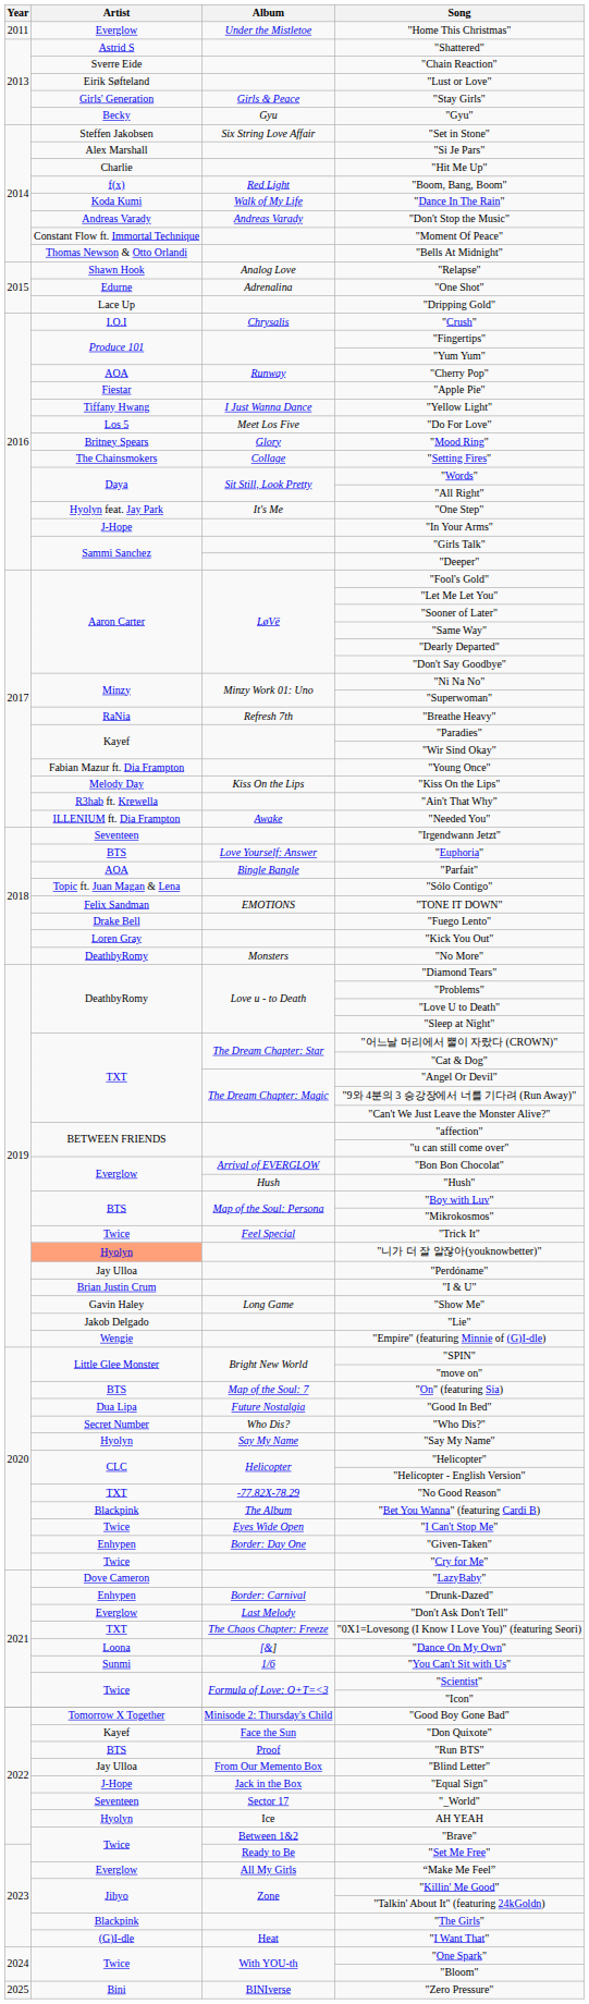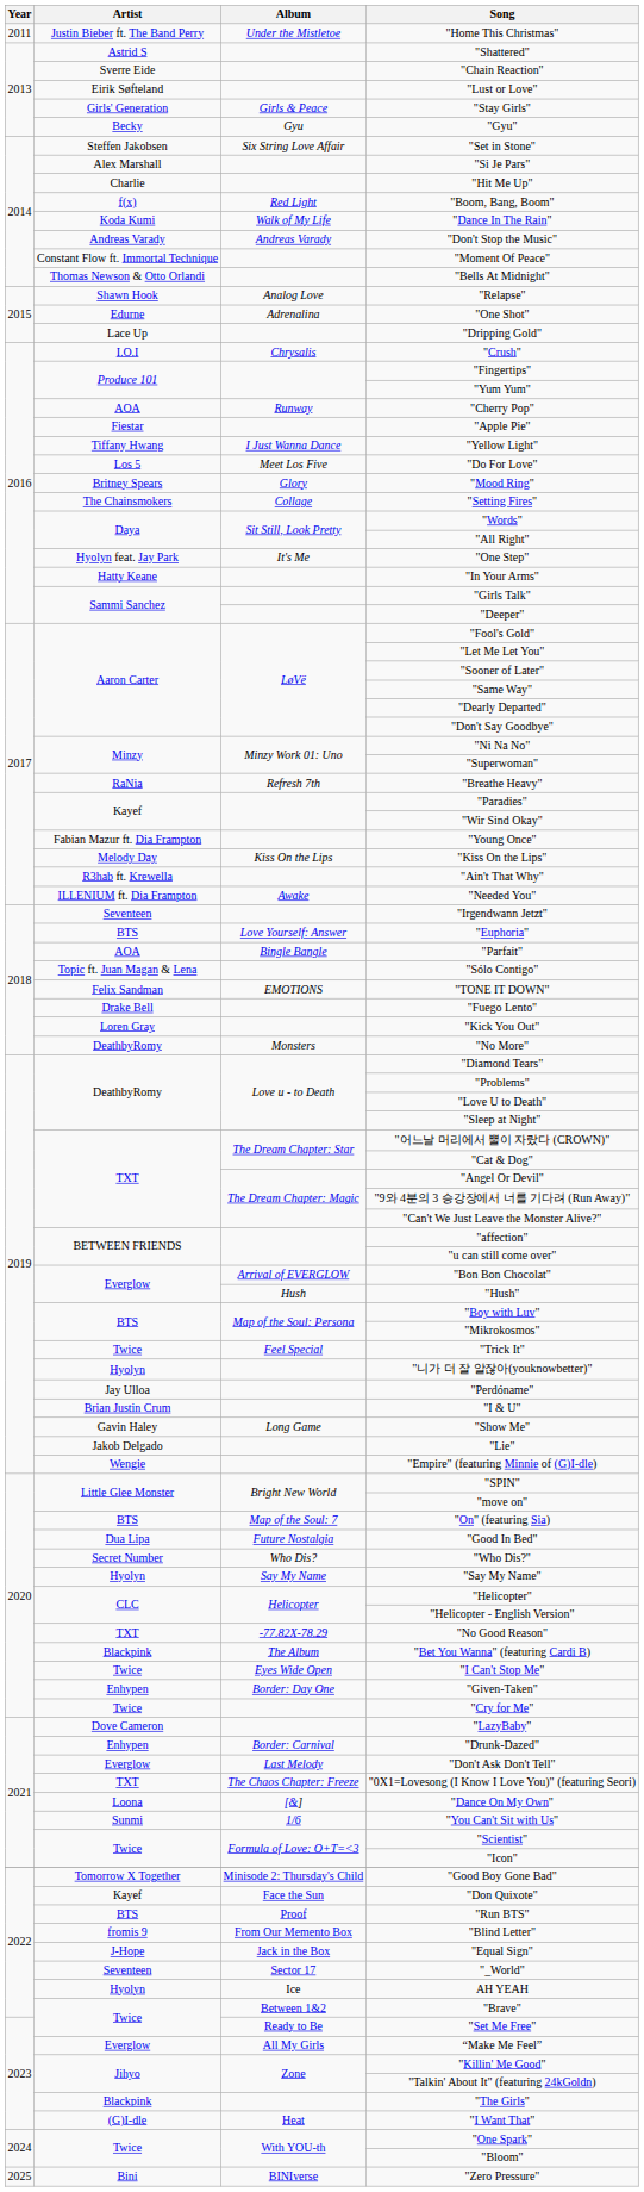 <table class="wikitable plainrowheaders" style="text-align:center;">
 <tr>
 <th>Year</th>
 <th>Artist</th>
 <th>Album</th>
 <th>Song</th>
 </tr>
 <tr>
 <td>2011</td>
-<td><a href='#'>Everglow</a></td>
+<td><a href='#'>Justin Bieber</a> ft. <a href='#'>The Band Perry</a></td>
 <td><em><a href='#'>Under the Mistletoe</a></em></td>
 <td>"Home This Christmas"</td>
 </tr>
 <tr>
 <td rowspan="5">2013</td>
 <td><a href='#'>Astrid S</a></td>
 <td></td>
 <td>"Shattered"</td>
 </tr>
 <tr>
 <td>Sverre Eide</td>
 <td></td>
 <td>"Chain Reaction"</td>
 </tr>
 <tr>
 <td>Eirik Søfteland</td>
 <td></td>
 <td>"Lust or Love"</td>
 </tr>
 <tr>
 <td><a href='#'>Girls' Generation</a></td>
 <td><em><a href='#'>Girls & Peace</a></em></td>
 <td>"Stay Girls"</td>
 </tr>
 <tr>
 <td><a href='#'>Becky</a></td>
 <td><em>Gyu</em></td>
 <td>"Gyu"</td>
 </tr>
 <tr>
 <td rowspan="8">2014</td>
 <td>Steffen Jakobsen</td>
 <td><em>Six String Love Affair</em></td>
 <td>"Set in Stone"</td>
 </tr>
 <tr>
 <td>Alex Marshall</td>
 <td></td>
 <td>"Si Je Pars"</td>
 </tr>
 <tr>
 <td>Charlie</td>
 <td></td>
 <td>"Hit Me Up"</td>
 </tr>
 <tr>
 <td rowspan="1"><a href='#'>f(x)</a></td>
 <td rowspan="1"><em><a href='#'>Red Light</a></em></td>
 <td rowspan="1">"Boom, Bang, Boom"</td>
 </tr>
 <tr>
 <td rowspan="1"><a href='#'>Koda Kumi</a></td>
 <td rowspan="1"><em><a href='#'>Walk of My Life</a></em></td>
 <td rowspan="1">"<a href='#'>Dance In The Rain</a>"</td>
 </tr>
 <tr>
 <td rowspan="1"><a href='#'>Andreas Varady</a></td>
 <td rowspan="1"><em><a href='#'>Andreas Varady</a></em></td>
 <td rowspan="1">"Don't Stop the Music"</td>
 </tr>
 <tr>
 <td rowspan="1">Constant Flow ft. <a href='#'>Immortal Technique</a></td>
 <td></td>
 <td rowspan="1">"Moment Of Peace"</td>
 </tr>
 <tr>
 <td rowspan="1"><a href='#'>Thomas Newson</a> & <a href='#'>Otto Orlandi</a></td>
 <td></td>
 <td rowspan="1">"Bells At Midnight"</td>
 </tr>
 <tr>
 <td rowspan="3">2015</td>
 <td rowspan="1"><a href='#'>Shawn Hook</a></td>
 <td rowspan="1"><em>Analog Love</em></td>
 <td rowspan="1">"Relapse"</td>
 </tr>
 <tr>
 <td rowspan="1"><a href='#'>Edurne</a></td>
 <td rowspan="1"><em>Adrenalina</em></td>
 <td rowspan="1">"One Shot"</td>
 </tr>
 <tr>
 <td rowspan="1">Lace Up</td>
 <td></td>
 <td rowspan="1">"Dripping Gold"</td>
 </tr>
 <tr>
 <td rowspan="15">2016</td>
 <td rowspan="1"><a href='#'>I.O.I</a></td>
 <td rowspan="1"><em><a href='#'>Chrysalis</a></em></td>
 <td rowspan="1">"<a href='#'>Crush</a>"</td>
 </tr>
 <tr>
 <td rowspan="2"><em><a href='#'>Produce 101</a></em></td>
 <td rowspan="2"></td>
 <td rowspan="1">"Fingertips"</td>
 </tr>
 <tr>
 <td rowspan="1">"Yum Yum"</td>
 </tr>
 <tr>
 <td rowspan="1"><a href='#'>AOA</a></td>
 <td rowspan="1"><em><a href='#'>Runway</a></em></td>
 <td rowspan="1">"Cherry Pop"</td>
 </tr>
 <tr>
 <td rowspan="1"><a href='#'>Fiestar</a></td>
 <td></td>
 <td rowspan="1">"Apple Pie"</td>
 </tr>
 <tr>
 <td rowspan="1"><a href='#'>Tiffany Hwang</a></td>
 <td rowspan="1"><em><a href='#'>I Just Wanna Dance</a></em></td>
 <td rowspan="1">"Yellow Light"</td>
 </tr>
 <tr>
 <td rowspan="1"><a href='#'>Los 5</a></td>
 <td rowspan="1"><em>Meet Los Five</em></td>
 <td rowspan="1">"Do For Love"</td>
 </tr>
 <tr>
 <td rowspan="1"><a href='#'>Britney Spears</a></td>
 <td rowspan="1"><em><a href='#'>Glory</a></em></td>
 <td rowspan="1">"<a href='#'>Mood Ring</a>"</td>
 </tr>
 <tr>
 <td rowspan="1"><a href='#'>The Chainsmokers</a></td>
 <td rowspan="1"><em><a href='#'>Collage</a></em></td>
 <td rowspan="1">"<a href='#'>Setting Fires</a>"</td>
 </tr>
 <tr>
 <td rowspan="2"><a href='#'>Daya</a></td>
 <td rowspan="2"><em><a href='#'>Sit Still, Look Pretty</a></em></td>
 <td rowspan="1">"<a href='#'>Words</a>"</td>
 </tr>
 <tr>
 <td rowspan="1">"All Right"</td>
 </tr>
 <tr>
 <td rowspan="1"><a href='#'>Hyolyn</a> feat. <a href='#'>Jay Park</a></td>
 <td rowspan="1"><em>It's Me</em></td>
 <td rowspan="1">"One Step"</td>
 </tr>
 <tr>
-<td><a href='#'>J-Hope</a></td>
+<td rowspan="1"><a href='#'>Hatty Keane</a></td>
 <td></td>
 <td rowspan="1">"In Your Arms"</td>
 </tr>
 <tr>
 <td rowspan="2"><a href='#'>Sammi Sanchez</a></td>
 <td></td>
 <td rowspan="1">"Girls Talk"</td>
 </tr>
 <tr>
 <td></td>
 <td>"Deeper"</td>
 </tr>
 <tr>
 <td rowspan="15">2017</td>
 <td rowspan="6"><a href='#'>Aaron Carter</a></td>
 <td rowspan="6"><em><a href='#'>LøVë</a></em></td>
 <td rowspan="1">"Fool's Gold"</td>
 </tr>
 <tr>
 <td rowspan="1">"Let Me Let You"</td>
 </tr>
 <tr>
 <td rowspan="1">"Sooner of Later"</td>
 </tr>
 <tr>
 <td rowspan="1">"Same Way"</td>
 </tr>
 <tr>
 <td rowspan="1">"Dearly Departed"</td>
 </tr>
 <tr>
 <td rowspan="1">"Don't Say Goodbye"</td>
 </tr>
 <tr>
 <td rowspan="2"><a href='#'>Minzy</a></td>
 <td rowspan="2"><em>Minzy Work 01: Uno</em></td>
 <td rowspan="1">"Ni Na No"</td>
 </tr>
 <tr>
 <td rowspan="1">"Superwoman"</td>
 </tr>
 <tr>
 <td rowspan="1"><a href='#'>RaNia</a></td>
 <td rowspan="1"><em>Refresh 7th</em></td>
 <td rowspan="1">"Breathe Heavy"</td>
 </tr>
 <tr>
 <td rowspan="2">Kayef</td>
 <td rowspan="2"></td>
 <td rowspan="1">"Paradies"</td>
 </tr>
 <tr>
 <td rowspan="1">"Wir Sind Okay"</td>
 </tr>
 <tr>
 <td rowspan="1">Fabian Mazur ft. <a href='#'>Dia Frampton</a></td>
 <td rowspan="1"></td>
 <td rowspan="1">"Young Once"</td>
 </tr>
 <tr>
 <td rowspan="1"><a href='#'>Melody Day</a></td>
 <td rowspan="1"><em>Kiss On the Lips</em></td>
 <td rowspan="1">"Kiss On the Lips"</td>
 </tr>
 <tr>
 <td rowspan="1"><a href='#'>R3hab</a> ft. <a href='#'>Krewella</a></td>
 <td></td>
 <td rowspan="1">"Ain't That Why"</td>
 </tr>
 <tr>
 <td><a href='#'>ILLENIUM</a> ft. <a href='#'>Dia Frampton</a></td>
 <td><em><a href='#'>Awake</a></em></td>
 <td>"Needed You"</td>
 </tr>
 <tr>
 <td rowspan="8">2018</td>
 <td><a href='#'>Seventeen</a></td>
 <td rowspan="1"></td>
 <td rowspan="1">"Irgendwann Jetzt"</td>
 </tr>
 <tr>
 <td rowspan="1"><a href='#'>BTS</a></td>
 <td rowspan="1"><em><a href='#'>Love Yourself: Answer</a></em></td>
 <td rowspan="1">"<a href='#'>Euphoria</a>"</td>
 </tr>
 <tr>
 <td rowspan="1"><a href='#'>AOA</a></td>
 <td rowspan="1"><em><a href='#'>Bingle Bangle</a></em></td>
 <td rowspan="1">"Parfait"</td>
 </tr>
 <tr>
 <td rowspan="1"><a href='#'>Topic</a> ft. <a href='#'>Juan Magan</a> & <a href='#'>Lena</a></td>
 <td></td>
 <td rowspan="1">"Sólo Contigo"</td>
 </tr>
 <tr>
 <td><a href='#'>Felix Sandman</a></td>
 <td><em>EMOTIONS</em></td>
 <td>"TONE IT DOWN"</td>
 </tr>
 <tr>
 <td rowspan="1"><a href='#'>Drake Bell</a></td>
 <td rowspan="1"></td>
 <td rowspan="1">"Fuego Lento"</td>
 </tr>
 <tr>
 <td rowspan="1"><a href='#'>Loren Gray</a></td>
 <td rowspan="1"></td>
 <td rowspan="1">"Kick You Out"</td>
 </tr>
 <tr>
 <td><a href='#'>DeathbyRomy</a></td>
 <td><em>Monsters</em></td>
 <td>"No More"</td>
 </tr>
 <tr>
 <td rowspan="22">2019</td>
 <td rowspan="4">DeathbyRomy</td>
 <td rowspan="4"><em>Love u - to Death</em></td>
 <td>"Diamond Tears"</td>
 </tr>
 <tr>
 <td>"Problems"</td>
 </tr>
 <tr>
 <td>"Love U to Death"</td>
 </tr>
 <tr>
 <td>"Sleep at Night"</td>
 </tr>
 <tr>
 <td rowspan="5"><a href='#'>TXT</a></td>
 <td rowspan="2"><em><a href='#'>The Dream Chapter: Star</a></em></td>
 <td>"어느날 머리에서 뿔이 자랐다 (CROWN)"</td>
 </tr>
 <tr>
 <td>"Cat & Dog"</td>
 </tr>
 <tr>
 <td rowspan="3"><em><a href='#'>The Dream Chapter: Magic</a></em></td>
 <td>"Angel Or Devil"</td>
 </tr>
 <tr>
 <td>"9와 4분의 3 승강장에서 너를 기다려 (Run Away)"</td>
 </tr>
 <tr>
 <td>"Can't We Just Leave the Monster Alive?"</td>
 </tr>
 <tr>
 <td rowspan="2">BETWEEN FRIENDS</td>
 <td rowspan="2"></td>
 <td>"affection"</td>
 </tr>
 <tr>
 <td>"u can still come over"</td>
 </tr>
 <tr>
 <td rowspan="2"><a href='#'>Everglow</a></td>
 <td><em><a href='#'>Arrival of EVERGLOW</a></em></td>
 <td>"Bon Bon Chocolat"</td>
 </tr>
 <tr>
 <td><em>Hush</em></td>
 <td>"Hush"</td>
 </tr>
 <tr>
 <td rowspan="2"><a href='#'>BTS</a></td>
 <td rowspan="2"><em><a href='#'>Map of the Soul: Persona</a></em></td>
 <td>"<a href='#'>Boy with Luv</a>"</td>
 </tr>
 <tr>
 <td>"Mikrokosmos"</td>
 </tr>
 <tr>
 <td><a href='#'>Twice</a></td>
 <td><em><a href='#'>Feel Special</a></em></td>
 <td>"Trick It"</td>
 </tr>
 <tr>
-<td style="background: lightsalmon;"><a href='#'>Hyolyn</a></td>
+<td><a href='#'>Hyolyn</a></td>
 <td></td>
 <td>"니가 더 잘 알잖아(youknowbetter)"</td>
 </tr>
 <tr>
 <td>Jay Ulloa</td>
 <td></td>
 <td>"Perdóname"</td>
 </tr>
 <tr>
 <td><a href='#'>Brian Justin Crum</a></td>
 <td></td>
 <td>"I & U"</td>
 </tr>
 <tr>
 <td>Gavin Haley</td>
 <td><em>Long Game</em></td>
 <td>"Show Me"</td>
 </tr>
 <tr>
 <td>Jakob Delgado</td>
 <td></td>
 <td>"Lie"</td>
 </tr>
 <tr>
 <td><a href='#'>Wengie</a></td>
 <td></td>
 <td>"Empire" (featuring <a href='#'>Minnie</a> of <a href='#'>(G)I-dle</a>)</td>
 </tr>
 <tr>
 <td rowspan="13">2020</td>
 <td rowspan="2"><a href='#'>Little Glee Monster</a></td>
 <td rowspan="2"><em>Bright New World</em></td>
 <td>"SPIN"</td>
 </tr>
 <tr>
 <td>"move on"</td>
 </tr>
 <tr>
 <td><a href='#'>BTS</a></td>
 <td><em><a href='#'>Map of the Soul: 7</a></em></td>
 <td>"<a href='#'>On</a>" (featuring <a href='#'>Sia</a>)</td>
 </tr>
 <tr>
 <td><a href='#'>Dua Lipa</a></td>
 <td><em><a href='#'>Future Nostalgia</a></em></td>
 <td>"Good In Bed"</td>
 </tr>
 <tr>
 <td><a href='#'>Secret Number</a></td>
 <td><em>Who Dis?</em></td>
 <td>"Who Dis?"</td>
 </tr>
 <tr>
 <td><a href='#'>Hyolyn</a></td>
 <td><em><a href='#'>Say My Name</a></em></td>
 <td>"Say My Name"</td>
 </tr>
 <tr>
 <td rowspan="2"><a href='#'>CLC</a></td>
 <td rowspan="2"><em><a href='#'>Helicopter</a></em></td>
 <td>"Helicopter"</td>
 </tr>
 <tr>
 <td>"Helicopter - English Version"</td>
 </tr>
 <tr>
 <td><a href='#'>TXT</a></td>
 <td><em><a href='#'>-77.82X-78.29</a></em></td>
 <td>"No Good Reason"</td>
 </tr>
 <tr>
 <td><a href='#'>Blackpink</a></td>
 <td><em><a href='#'>The Album</a></em></td>
 <td>"<a href='#'>Bet You Wanna</a>" (featuring <a href='#'>Cardi B</a>)</td>
 </tr>
 <tr>
 <td><a href='#'>Twice</a></td>
 <td><em><a href='#'>Eyes Wide Open</a></em></td>
 <td>"<a href='#'>I Can't Stop Me</a>"</td>
 </tr>
 <tr>
 <td><a href='#'>Enhypen</a></td>
 <td><em><a href='#'>Border: Day One</a></em></td>
 <td>"Given-Taken"</td>
 </tr>
 <tr>
 <td><a href='#'>Twice</a></td>
 <td></td>
 <td>"<a href='#'>Cry for Me</a>"</td>
 </tr>
 <tr>
 <td rowspan="8">2021</td>
 <td><a href='#'>Dove Cameron</a></td>
 <td></td>
 <td>"<a href='#'>LazyBaby</a>"</td>
 </tr>
 <tr>
 <td><a href='#'>Enhypen</a></td>
 <td><em><a href='#'>Border: Carnival</a></em></td>
 <td>"Drunk-Dazed"</td>
 </tr>
 <tr>
 <td><a href='#'>Everglow</a></td>
 <td><em><a href='#'>Last Melody</a></em></td>
 <td>"Don't Ask Don't Tell"</td>
 </tr>
 <tr>
 <td><a href='#'>TXT</a></td>
 <td><em><a href='#'>The Chaos Chapter: Freeze</a></em></td>
 <td>"0X1=Lovesong (I Know I Love You)" (featuring Seori)</td>
 </tr>
 <tr>
 <td><a href='#'>Loona</a></td>
 <td><em><a href='#'>[&</a>]</em></td>
 <td>"<a href='#'>Dance On My Own</a>"</td>
 </tr>
 <tr>
 <td><a href='#'>Sunmi</a></td>
 <td><em><a href='#'>1/6</a></em></td>
 <td>"<a href='#'>You Can't Sit with Us</a>"</td>
 </tr>
 <tr>
 <td rowspan="2"><a href='#'>Twice</a></td>
 <td rowspan="2"><em><a href='#'>Formula of Love: O+T=<3</a></em></td>
 <td>"<a href='#'>Scientist</a>"</td>
 </tr>
 <tr>
 <td>"Icon"</td>
 </tr>
 <tr>
 </tr>
 <tr>
 <td rowspan="8">2022</td>
 <td><a href='#'>Tomorrow X Together</a></td>
 <td><a href='#'>Minisode 2: Thursday's Child</a></td>
 <td>"Good Boy Gone Bad"</td>
 </tr>
 <tr>
 <td rowspan="1">Kayef</td>
 <td><a href='#'>Face the Sun</a><em></td>
 <td>"Don Quixote"</td>
 </tr>
 <tr>
 <td><a href='#'>BTS</a></td>
 <td></em><a href='#'>Proof</a><em></td>
 <td>"Run BTS"</td>
 </tr>
 <tr>
-<td>Jay Ulloa</td>
+<td><a href='#'>fromis 9</a></td>
 <td></em><a href='#'>From Our Memento Box</a><em></td>
 <td>"Blind Letter"</td>
 </tr>
 <tr>
 <td><a href='#'>J-Hope</a></td>
 <td></em><a href='#'>Jack in the Box</a><em></td>
 <td>"Equal Sign"</td>
 </tr>
 <tr>
 <td><a href='#'>Seventeen</a></td>
 <td></em><a href='#'>Sector 17</a><em></td>
 <td>"_World"</td>
 </tr>
 <tr>
 <td><a href='#'>Hyolyn</a></td>
 <td></em>Ice<em></td>
 <td>AH YEAH</td>
 </tr>
 <tr>
 <td rowspan="2"><a href='#'>Twice</a></td>
 <td></em><a href='#'>Between 1&2</a><em></td>
 <td>"Brave"</td>
 </tr>
 <tr>
 <td rowspan="6">2023</td>
 <td></em><a href='#'>Ready to Be</a><em></td>
 <td>"<a href='#'>Set Me Free</a>"</td>
 </tr>
 <tr>
 <td><a href='#'>Everglow</a></td>
 <td><a href='#'>All My Girls</a></td>
 <td>“Make Me Feel”</td>
 </tr>
 <tr>
 <td rowspan="2"><a href='#'>Jihyo</a></td>
 <td rowspan="2"></em><a href='#'>Zone</a><em></td>
 <td>"<a href='#'>Killin' Me Good</a>"</td>
 </tr>
 <tr>
 <td>"Talkin' About It" (featuring <a href='#'>24kGoldn</a>)</td>
 </tr>
 <tr>
 <td><a href='#'>Blackpink</a></td>
 <td></td>
 <td>"<a href='#'>The Girls</a>"</td>
 </tr>
 <tr>
 <td><a href='#'>(G)I-dle</a></td>
 <td></em><a href='#'>Heat</a><em></td>
 <td>"<a href='#'>I Want That</a>"</td>
 </tr>
 <tr>
 <td rowspan="2">2024</td>
 <td rowspan="2"><a href='#'>Twice</a></td>
 <td rowspan="2"></em><a href='#'>With YOU-th</a><em></td>
 <td>"<a href='#'>One Spark</a>"</td>
 </tr>
 <tr>
 <td>"Bloom"</td>
 </tr>
 <tr>
 <td>2025</td>
 <td><a href='#'>Bini</a></td>
 <td></em><a href='#'>BINIverse</a><em></td>
 <td>"Zero Pressure"</td>
 </tr>
 </table>
